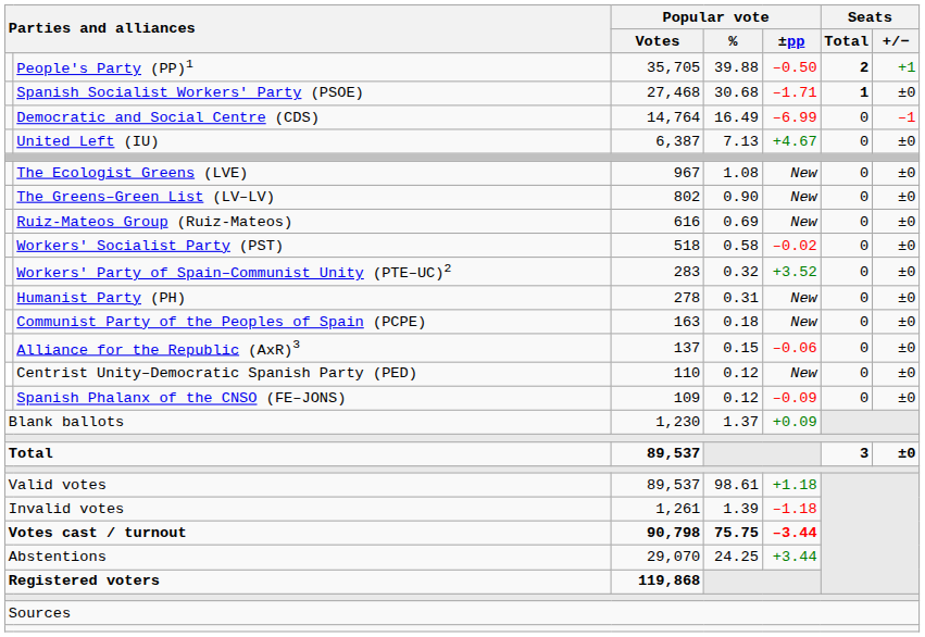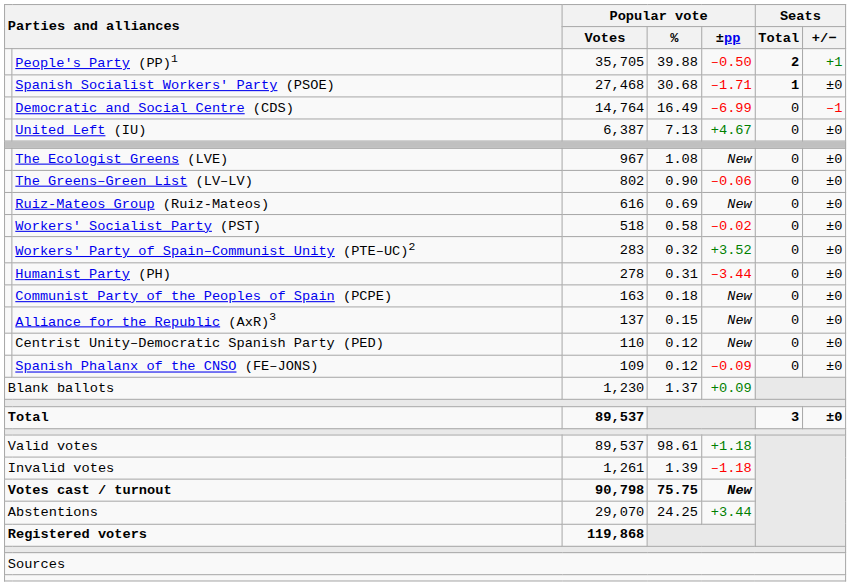 <table class="wikitable" style="text-align:right;">
 <tr>
 <th style="text-align:left;" rowspan="2" colspan="2" width="525">Parties and alliances</th>
 <th colspan="3">Popular vote</th>
 <th colspan="2">Seats</th>
 </tr>
 <tr>
 <th width="75">Votes</th>
 <th width="45">%</th>
 <th width="45">±<a href='#'>pp</a></th>
 <th width="35">Total</th>
 <th width="35">+/−</th>
 </tr>
 <tr>
 <td width="1" style="color:inherit;background:"></td>
 <td align="left"><a href='#'>People's Party</a> (PP)<sup>1</sup></td>
 <td>35,705</td>
 <td>39.88</td>
 <td style="color:red;">–0.50</td>
 <td><strong>2</strong></td>
 <td style="color:green;">+1</td>
 </tr>
 <tr>
 <td style="color:inherit;background:"></td>
 <td align="left"><a href='#'>Spanish Socialist Workers' Party</a> (PSOE)</td>
 <td>27,468</td>
 <td>30.68</td>
 <td style="color:red;">–1.71</td>
 <td><strong>1</strong></td>
 <td>±0</td>
 </tr>
 <tr>
 <td style="color:inherit;background:"></td>
 <td align="left"><a href='#'>Democratic and Social Centre</a> (CDS)</td>
 <td>14,764</td>
 <td>16.49</td>
 <td style="color:red;">–6.99</td>
 <td>0</td>
 <td style="color:red;">–1</td>
 </tr>
 <tr>
 <td style="color:inherit;background:"></td>
 <td align="left"><a href='#'>United Left</a> (IU)</td>
 <td>6,387</td>
 <td>7.13</td>
 <td style="color:green;">+4.67</td>
 <td>0</td>
 <td>±0</td>
 </tr>
 <tr>
 <td colspan="7" bgcolor="#C0C0C0"></td>
 </tr>
 <tr>
 <td style="color:inherit;background:"></td>
 <td align="left"><a href='#'>The Ecologist Greens</a> (LVE)</td>
 <td>967</td>
 <td>1.08</td>
 <td><em>New</em></td>
 <td>0</td>
 <td>±0</td>
 </tr>
 <tr>
 <td style="color:inherit;background:"></td>
 <td align="left"><a href='#'>The Greens–Green List</a> (LV–LV)</td>
 <td>802</td>
 <td>0.90</td>
-<td><em>New</em></td>
+<td style="color:red;">–0.06</td>
 <td>0</td>
 <td>±0</td>
 </tr>
 <tr>
 <td style="color:inherit;background:"></td>
 <td align="left"><a href='#'>Ruiz-Mateos Group</a> (Ruiz-Mateos)</td>
 <td>616</td>
 <td>0.69</td>
 <td><em>New</em></td>
 <td>0</td>
 <td>±0</td>
 </tr>
 <tr>
 <td style="color:inherit;background:"></td>
 <td align="left"><a href='#'>Workers' Socialist Party</a> (PST)</td>
 <td>518</td>
 <td>0.58</td>
 <td style="color:red;">–0.02</td>
 <td>0</td>
 <td>±0</td>
 </tr>
 <tr>
 <td style="color:inherit;background:"></td>
 <td align="left"><a href='#'>Workers' Party of Spain–Communist Unity</a> (PTE–UC)<sup>2</sup></td>
 <td>283</td>
 <td>0.32</td>
 <td style="color:green;">+3.52</td>
 <td>0</td>
 <td>±0</td>
 </tr>
 <tr>
 <td style="color:inherit;background:"></td>
 <td align="left"><a href='#'>Humanist Party</a> (PH)</td>
 <td>278</td>
 <td>0.31</td>
-<td><em>New</em></td>
+<td style="color:red;">–3.44</td>
 <td>0</td>
 <td>±0</td>
 </tr>
 <tr>
 <td style="color:inherit;background:"></td>
 <td align="left"><a href='#'>Communist Party of the Peoples of Spain</a> (PCPE)</td>
 <td>163</td>
 <td>0.18</td>
 <td><em>New</em></td>
 <td>0</td>
 <td>±0</td>
 </tr>
 <tr>
 <td style="color:inherit;background:"></td>
 <td align="left"><a href='#'>Alliance for the Republic</a> (AxR)<sup>3</sup></td>
 <td>137</td>
 <td>0.15</td>
-<td style="color:red;">–0.06</td>
+<td><em>New</em></td>
 <td>0</td>
 <td>±0</td>
 </tr>
 <tr>
 <td bgcolor="white"></td>
 <td align="left">Centrist Unity–Democratic Spanish Party (PED)</td>
 <td>110</td>
 <td>0.12</td>
 <td><em>New</em></td>
 <td>0</td>
 <td>±0</td>
 </tr>
 <tr>
 <td style="color:inherit;background:"></td>
 <td align="left"><a href='#'>Spanish Phalanx of the CNSO</a> (FE–JONS)</td>
 <td>109</td>
 <td>0.12</td>
 <td style="color:red;">–0.09</td>
 <td>0</td>
 <td>±0</td>
 </tr>
 <tr>
 <td align="left" colspan="2">Blank ballots</td>
 <td>1,230</td>
 <td>1.37</td>
 <td style="color:green;">+0.09</td>
 <td bgcolor="#E9E9E9" colspan="2"></td>
 </tr>
 <tr>
 <td colspan="7" bgcolor="#E9E9E9"></td>
 </tr>
 <tr style="font-weight:bold;">
 <td align="left" colspan="2">Total</td>
 <td>89,537</td>
 <td bgcolor="#E9E9E9" colspan="2"></td>
 <td>3</td>
 <td>±0</td>
 </tr>
 <tr>
 <td colspan="7" bgcolor="#E9E9E9"></td>
 </tr>
 <tr>
 <td align="left" colspan="2">Valid votes</td>
 <td>89,537</td>
 <td>98.61</td>
 <td style="color:green;">+1.18</td>
 <td bgcolor="#E9E9E9" colspan="2" rowspan="5"></td>
 </tr>
 <tr>
 <td align="left" colspan="2">Invalid votes</td>
 <td>1,261</td>
 <td>1.39</td>
 <td style="color:red;">–1.18</td>
 </tr>
 <tr style="font-weight:bold;">
 <td align="left" colspan="2">Votes cast / turnout</td>
 <td>90,798</td>
 <td>75.75</td>
-<td style="color:red;">–3.44</td>
+<td><em>New</em></td>
 </tr>
 <tr>
 <td align="left" colspan="2">Abstentions</td>
 <td>29,070</td>
 <td>24.25</td>
 <td style="color:green;">+3.44</td>
 </tr>
 <tr style="font-weight:bold;">
 <td align="left" colspan="2">Registered voters</td>
 <td>119,868</td>
 <td bgcolor="#E9E9E9" colspan="2"></td>
 </tr>
 <tr>
 <td colspan="7" bgcolor="#E9E9E9"></td>
 </tr>
 <tr>
 <td align="left" colspan="7">Sources</td>
 </tr>
 <tr>
 <td colspan="7" style="text-align:left; max-width:790px;"></td>
 </tr>
 </table>
